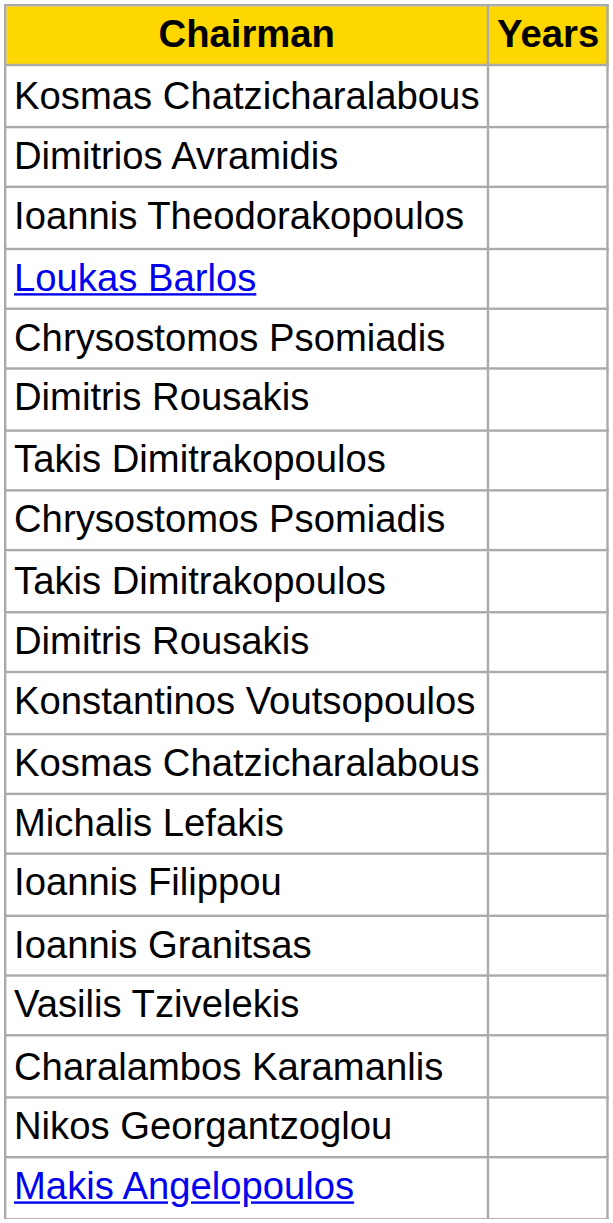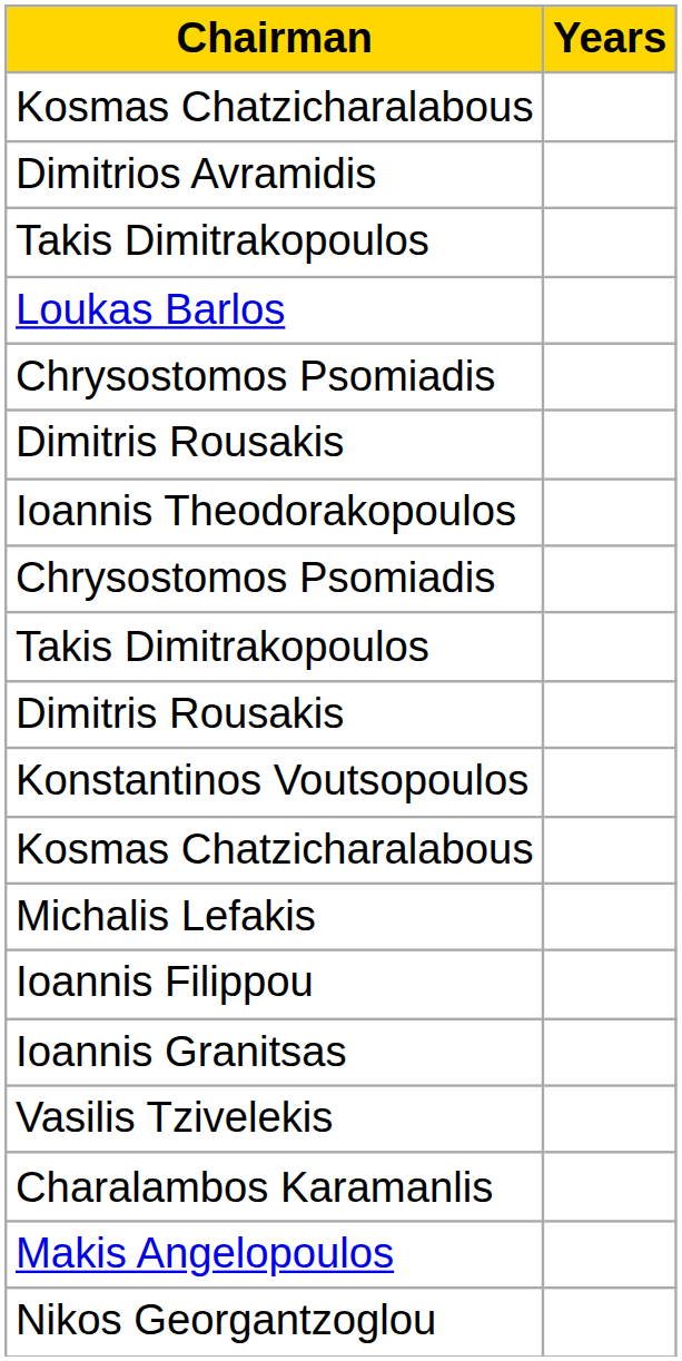 <table class="wikitable" style="text-align: left; background:white; color:black">
 <tr>
 <th style="color:black; background:#FFD700;">Chairman</th>
 <th style="color:black; background:#FFD700;">Years</th>
 </tr>
 <tr>
 <td> Kosmas Chatzicharalabous</td>
 <td></td>
 </tr>
 <tr>
 <td> Dimitrios Avramidis</td>
 <td></td>
 </tr>
 <tr>
-<td> Ioannis Theodorakopoulos</td>
+<td> Takis Dimitrakopoulos</td>
 <td></td>
 </tr>
 <tr>
 <td> <a href='#'>Loukas Barlos</a></td>
 <td></td>
 </tr>
 <tr>
 <td> Chrysostomos Psomiadis</td>
 <td></td>
 </tr>
 <tr>
 <td> Dimitris Rousakis</td>
 <td></td>
 </tr>
 <tr>
-<td> Takis Dimitrakopoulos</td>
+<td> Ioannis Theodorakopoulos</td>
 <td></td>
 </tr>
 <tr>
 <td> Chrysostomos Psomiadis</td>
 <td></td>
 </tr>
 <tr>
 <td> Takis Dimitrakopoulos</td>
 <td></td>
 </tr>
 <tr>
 <td> Dimitris Rousakis</td>
 <td></td>
 </tr>
 <tr>
 <td> Konstantinos Voutsopoulos</td>
 <td></td>
 </tr>
 <tr>
 <td> Kosmas Chatzicharalabous</td>
 <td></td>
 </tr>
 <tr>
 <td> Michalis Lefakis</td>
 <td></td>
 </tr>
 <tr>
 <td> Ioannis Filippou</td>
 <td></td>
 </tr>
 <tr>
 <td> Ioannis Granitsas</td>
 <td></td>
 </tr>
 <tr>
 <td> Vasilis Tzivelekis</td>
 <td></td>
 </tr>
 <tr>
 <td> Charalambos Karamanlis</td>
 <td></td>
 </tr>
 <tr>
+<td> <a href='#'>Makis Angelopoulos</a></td>
+<td></td>
+</tr>
+<tr>
 <td> Nikos Georgantzoglou</td>
 <td></td>
 </tr>
-<tr>
-<td> <a href='#'>Makis Angelopoulos</a></td>
-<td></td>
-</tr>
 </table>
